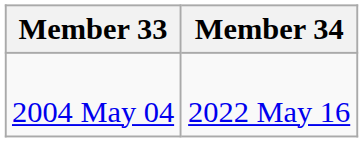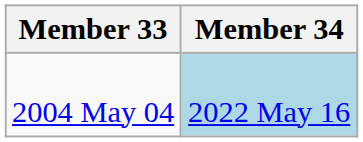 <table class=wikitable align=right>
 <tr>
 <th>Member 33</th>
 <th>Member 34</th>
 </tr>
 <tr>
 <td><br><a href='#'>2004 May 04</a></td>
-<td><br><a href='#'>2022 May 16</a></td>
+<td style="background: lightblue;"><br><a href='#'>2022 May 16</a></td>
 </tr>
 </table>
